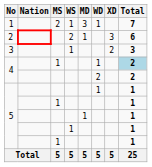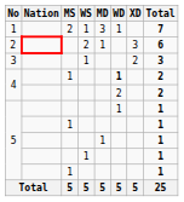 <table class="wikitable" style="text-align:center">
 <tr>
 <th>No</th>
 <th>Nation</th>
 <th>MS</th>
 <th>WS</th>
 <th>MD</th>
 <th>WD</th>
 <th>XD</th>
 <th>Total</th>
 </tr>
 <tr>
 <td>1</td>
 <td align=left></td>
 <td>2</td>
 <td>1</td>
 <td>3</td>
 <td>1</td>
 <td></td>
 <td><strong>7</strong></td>
 </tr>
 <tr>
 <td>2</td>
 <td align=left style="border: 3px solid red"><strong></strong></td>
 <td></td>
 <td>2</td>
 <td>1</td>
 <td></td>
 <td>3</td>
 <td><strong>6</strong></td>
 </tr>
 <tr>
 <td>3</td>
 <td align=left></td>
 <td></td>
 <td>1</td>
 <td></td>
 <td></td>
 <td>2</td>
 <td><strong>3</strong></td>
 </tr>
 <tr>
 <td rowspan="2">4</td>
 <td align=left></td>
 <td>1</td>
 <td></td>
 <td></td>
-<td>1</td>
+<td><strong>1</strong></td>
 <td></td>
-<td style="background: lightblue;"><strong>2</strong></td>
+<td><strong>2</strong></td>
 </tr>
 <tr>
 <td align=left></td>
 <td></td>
 <td></td>
 <td></td>
 <td>2</td>
 <td></td>
 <td><strong>2</strong></td>
 </tr>
 <tr>
 <td rowspan="5">5</td>
 <td align=left></td>
 <td></td>
 <td></td>
 <td></td>
 <td>1</td>
 <td></td>
 <td><strong>1</strong></td>
 </tr>
 <tr>
 <td align=left></td>
 <td>1</td>
 <td></td>
 <td></td>
 <td></td>
 <td></td>
 <td><strong>1</strong></td>
 </tr>
 <tr>
 <td align=left></td>
 <td></td>
 <td></td>
 <td>1</td>
 <td></td>
 <td></td>
 <td><strong>1</strong></td>
 </tr>
 <tr>
 <td align=left></td>
 <td></td>
 <td>1</td>
 <td></td>
 <td></td>
 <td></td>
 <td><strong>1</strong></td>
 </tr>
 <tr>
 <td align=left></td>
 <td>1</td>
 <td></td>
 <td></td>
 <td></td>
 <td></td>
 <td><strong>1</strong></td>
 </tr>
 <tr>
 <th colspan="2">Total</th>
 <th>5</th>
 <th>5</th>
 <th>5</th>
 <th>5</th>
 <th>5</th>
 <th>25</th>
 </tr>
 </table>
